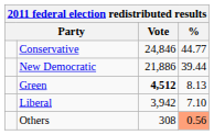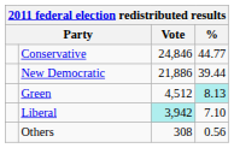 <table class="wikitable">
 <tr>
 <th colspan="4"><a href='#'>2011 federal election</a> redistributed results</th>
 </tr>
 <tr>
 <th bgcolor="#DDDDFF" width="130px" colspan="2">Party</th>
 <th bgcolor="#DDDDFF" width="50px">Vote</th>
 <th bgcolor="#DDDDFF" width="30px">%</th>
 </tr>
 <tr>
 <td> </td>
 <td><a href='#'>Conservative</a></td>
 <td align="right">24,846</td>
 <td align="right">44.77</td>
 </tr>
 <tr>
 <td> </td>
 <td><a href='#'>New Democratic</a></td>
 <td align="right">21,886</td>
 <td align="right">39.44</td>
 </tr>
 <tr>
 <td> </td>
 <td><a href='#'>Green</a></td>
-<td align="right"><strong>4,512</strong></td>
-<td align="right">8.13</td>
+<td align="right">4,512</td>
+<td align="right" style="background: paleturquoise;">8.13</td>
 </tr>
 <tr>
 <td> </td>
 <td><a href='#'>Liberal</a></td>
-<td align="right">3,942</td>
+<td align="right" style="background: paleturquoise;">3,942</td>
 <td align="right">7.10</td>
 </tr>
 <tr>
 <td> </td>
 <td>Others</td>
 <td align="right">308</td>
-<td align="right" style="background: lightsalmon;">0.56</td>
+<td align="right">0.56</td>
 </tr>
 </table>
